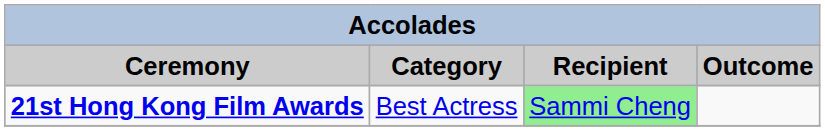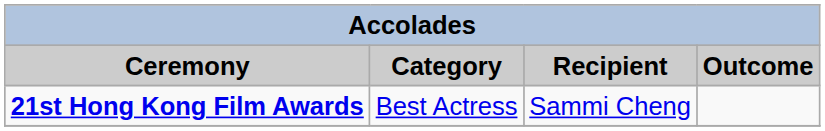 <table class="wikitable" style="font-size:95%;" ;>
 <tr style="background:#ccc; text-align:center;">
 <th colspan="4" style="background: LightSteelBlue;">Accolades</th>
 </tr>
 <tr style="background:#ccc; text-align:center;">
 <th style="background:#ccc">Ceremony</th>
 <th style="background:#ccc">Category</th>
 <th style="background:#ccc">Recipient</th>
 <th style="background:#ccc">Outcome</th>
 </tr>
 <tr>
 <td><strong><a href='#'>21st Hong Kong Film Awards</a></strong></td>
 <td><a href='#'>Best Actress</a></td>
-<td style="background: lightgreen;"><a href='#'>Sammi Cheng</a></td>
+<td><a href='#'>Sammi Cheng</a></td>
 <td></td>
 </tr>
 <tr>
 </tr>
 </table>
